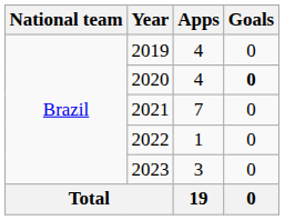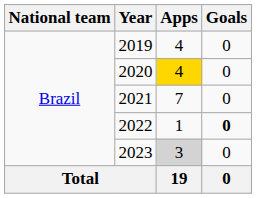 <table class="wikitable" style="text-align: center;">
 <tr>
 <th>National team</th>
 <th>Year</th>
 <th>Apps</th>
 <th>Goals</th>
 </tr>
 <tr>
 <td rowspan="5"><a href='#'>Brazil</a></td>
 <td>2019</td>
 <td>4</td>
 <td>0</td>
 </tr>
 <tr>
 <td>2020</td>
-<td>4</td>
-<td><strong>0</strong></td>
+<td style="background: gold;">4</td>
+<td>0</td>
 </tr>
 <tr>
 <td>2021</td>
 <td>7</td>
 <td>0</td>
 </tr>
 <tr>
 <td>2022</td>
 <td>1</td>
-<td>0</td>
+<td><strong>0</strong></td>
 </tr>
 <tr>
 <td>2023</td>
-<td>3</td>
+<td style="background: lightgrey;">3</td>
 <td>0</td>
 </tr>
 <tr>
 <th colspan="2">Total</th>
 <th>19</th>
 <th>0</th>
 </tr>
 </table>
